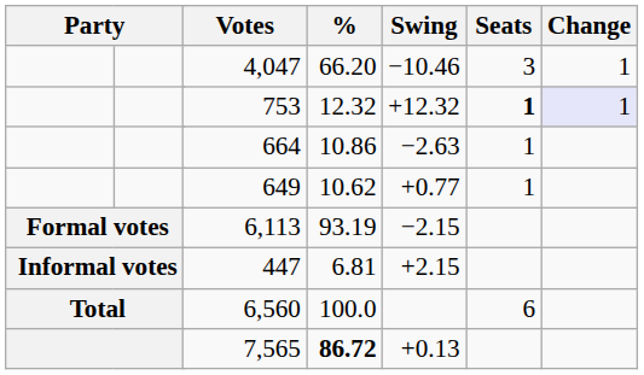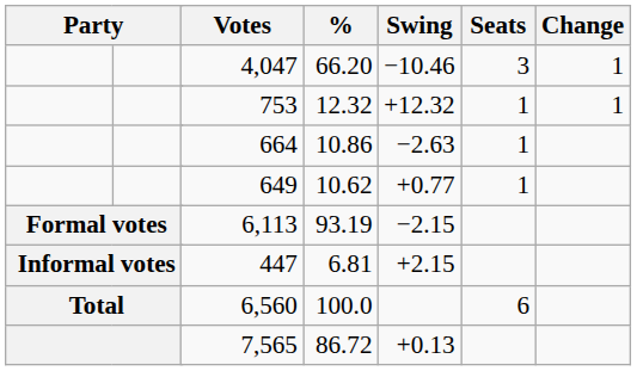 <table class="wikitable" style="text-align:right; margin-bottom:0">
 <tr>
 <th style="width:10px" colspan=3>Party</th>
 <th style="width:70px;">Votes</th>
 <th style="width:40px;">%</th>
 <th style="width:40px;">Swing</th>
 <th style="width:40px;">Seats</th>
 <th style="width:40px;">Change</th>
 </tr>
 <tr>
 <td> </td>
 <td style="text-align:left;" colspan="2"></td>
 <td>4,047</td>
 <td>66.20</td>
 <td>−10.46</td>
 <td>3</td>
 <td> 1</td>
 </tr>
 <tr>
 <td> </td>
 <td style="text-align:left;" colspan="2"></td>
 <td>753</td>
 <td>12.32</td>
 <td>+12.32</td>
-<td><strong>1</strong></td>
-<td style="background: lavender;"> 1</td>
+<td>1</td>
+<td> 1</td>
 </tr>
 <tr>
 <td> </td>
 <td style="text-align:left;" colspan="2"></td>
 <td>664</td>
 <td>10.86</td>
 <td>−2.63</td>
 <td>1</td>
 <td></td>
 </tr>
 <tr>
 <td> </td>
 <td style="text-align:left;" colspan="2"></td>
 <td>649</td>
 <td>10.62</td>
 <td>+0.77</td>
 <td>1</td>
 <td></td>
 </tr>
 <tr>
 <th colspan="3" rowspan="1"> Formal votes</th>
 <td>6,113</td>
 <td>93.19</td>
 <td>−2.15</td>
 <td></td>
 <td></td>
 </tr>
 <tr>
 <th colspan="3" rowspan="1"> Informal votes</th>
 <td>447</td>
 <td>6.81</td>
 <td>+2.15</td>
 <td></td>
 <td></td>
 </tr>
 <tr>
 <th colspan="3" rowspan="1"> <strong>Total </strong></th>
 <td>6,560</td>
 <td>100.0</td>
 <td></td>
 <td>6</td>
 <td></td>
 </tr>
 <tr>
 <th colspan="3" rowspan="1"> </th>
 <td>7,565</td>
-<td><strong>86.72</strong></td>
+<td>86.72</td>
 <td>+0.13</td>
 <td></td>
 <td></td>
 </tr>
 </table>
